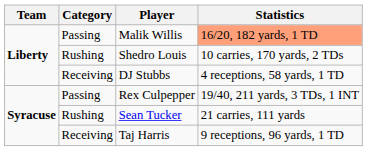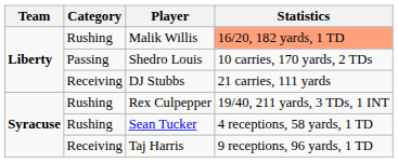 <table class="wikitable" style="float: left;">
 <tr>
 <th>Team</th>
 <th>Category</th>
 <th>Player</th>
 <th>Statistics</th>
 </tr>
 <tr>
 <td rowspan=3><strong>Liberty</strong></td>
-<td>Passing</td>
+<td>Rushing</td>
 <td>Malik Willis</td>
 <td style="background: lightsalmon;">16/20, 182 yards, 1 TD</td>
 </tr>
 <tr>
-<td>Rushing</td>
+<td>Passing</td>
 <td>Shedro Louis</td>
 <td>10 carries, 170 yards, 2 TDs</td>
 </tr>
 <tr>
 <td>Receiving</td>
 <td>DJ Stubbs</td>
-<td>4 receptions, 58 yards, 1 TD</td>
+<td>21 carries, 111 yards</td>
 </tr>
 <tr>
 <td rowspan=3><strong>Syracuse</strong></td>
-<td>Passing</td>
+<td>Rushing</td>
 <td>Rex Culpepper</td>
 <td>19/40, 211 yards, 3 TDs, 1 INT</td>
 </tr>
 <tr>
 <td>Rushing</td>
 <td><a href='#'>Sean Tucker</a></td>
-<td>21 carries, 111 yards</td>
+<td>4 receptions, 58 yards, 1 TD</td>
 </tr>
 <tr>
 <td>Receiving</td>
 <td>Taj Harris</td>
 <td>9 receptions, 96 yards, 1 TD</td>
 </tr>
 </table>
